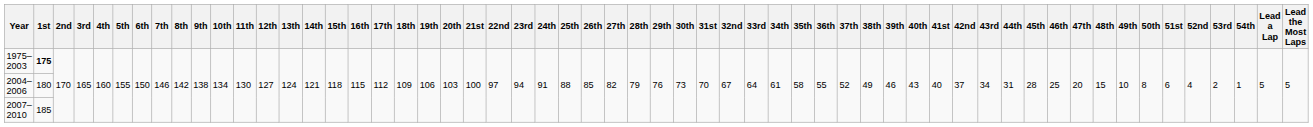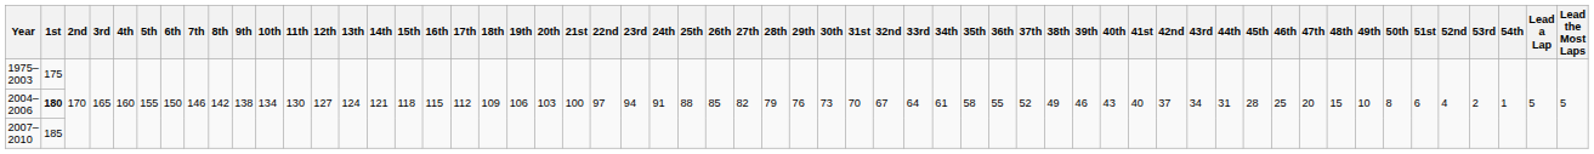 <table class="wikitable" style="background:#f9f9f9; font-size:85%">
 <tr>
 <th>Year</th>
 <th>1st</th>
 <th>2nd</th>
 <th>3rd</th>
 <th>4th</th>
 <th>5th</th>
 <th>6th</th>
 <th>7th</th>
 <th>8th</th>
 <th>9th</th>
 <th>10th</th>
 <th>11th</th>
 <th>12th</th>
 <th>13th</th>
 <th>14th</th>
 <th>15th</th>
 <th>16th</th>
 <th>17th</th>
 <th>18th</th>
 <th>19th</th>
 <th>20th</th>
 <th>21st</th>
 <th>22nd</th>
 <th>23rd</th>
 <th>24th</th>
 <th>25th</th>
 <th>26th</th>
 <th>27th</th>
 <th>28th</th>
 <th>29th</th>
 <th>30th</th>
 <th>31st</th>
 <th>32nd</th>
 <th>33rd</th>
 <th>34th</th>
 <th>35th</th>
 <th>36th</th>
 <th>37th</th>
 <th>38th</th>
 <th>39th</th>
 <th>40th</th>
 <th>41st</th>
 <th>42nd</th>
 <th>43rd</th>
 <th>44th</th>
 <th>45th</th>
 <th>46th</th>
 <th>47th</th>
 <th>48th</th>
 <th>49th</th>
 <th>50th</th>
 <th>51st</th>
 <th>52nd</th>
 <th>53rd</th>
 <th>54th</th>
 <th>Lead a Lap</th>
 <th>Lead the Most Laps</th>
 </tr>
 <tr>
 <td>1975–2003</td>
-<td><strong>175</strong></td>
+<td>175</td>
 <td rowspan="3">170</td>
 <td rowspan="3">165</td>
 <td rowspan="3">160</td>
 <td rowspan="3">155</td>
 <td rowspan="3">150</td>
 <td rowspan="3">146</td>
 <td rowspan="3">142</td>
 <td rowspan="3">138</td>
 <td rowspan="3">134</td>
 <td rowspan="3">130</td>
 <td rowspan="3">127</td>
 <td rowspan="3">124</td>
 <td rowspan="3">121</td>
 <td rowspan="3">118</td>
 <td rowspan="3">115</td>
 <td rowspan="3">112</td>
 <td rowspan="3">109</td>
 <td rowspan="3">106</td>
 <td rowspan="3">103</td>
 <td rowspan="3">100</td>
 <td rowspan="3">97</td>
 <td rowspan="3">94</td>
 <td rowspan="3">91</td>
 <td rowspan="3">88</td>
 <td rowspan="3">85</td>
 <td rowspan="3">82</td>
 <td rowspan="3">79</td>
 <td rowspan="3">76</td>
 <td rowspan="3">73</td>
 <td rowspan="3">70</td>
 <td rowspan="3">67</td>
 <td rowspan="3">64</td>
 <td rowspan="3">61</td>
 <td rowspan="3">58</td>
 <td rowspan="3">55</td>
 <td rowspan="3">52</td>
 <td rowspan="3">49</td>
 <td rowspan="3">46</td>
 <td rowspan="3">43</td>
 <td rowspan="3">40</td>
 <td rowspan="3">37</td>
 <td rowspan="3">34</td>
 <td rowspan="3">31</td>
 <td rowspan="3">28</td>
 <td rowspan="3">25</td>
 <td rowspan="3">20</td>
 <td rowspan="3">15</td>
 <td rowspan="3">10</td>
 <td rowspan="3">8</td>
 <td rowspan="3">6</td>
 <td rowspan="3">4</td>
 <td rowspan="3">2</td>
 <td rowspan="3">1</td>
 <td rowspan="3">5</td>
 <td rowspan="3">5</td>
 </tr>
 <tr>
 <td>2004–2006</td>
-<td>180</td>
+<td><strong>180</strong></td>
 </tr>
 <tr>
 <td>2007–2010</td>
 <td>185</td>
 </tr>
 </table>
